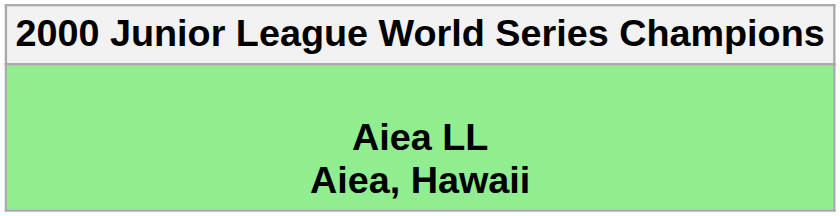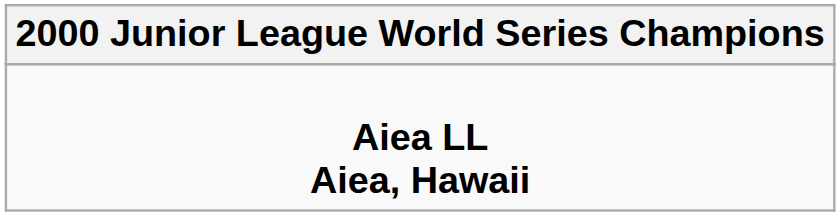 <table class="wikitable" style="text-align: center; margin: 0 auto;">
 <tr>
 <th>2000 Junior League World Series Champions</th>
 </tr>
 <tr>
 </tr>
 <tr>
-<td style="background: lightgreen;"><br><strong>Aiea  LL</strong><br><strong>Aiea, Hawaii</strong></td>
+<td><br><strong>Aiea  LL</strong><br><strong>Aiea, Hawaii</strong></td>
 </tr>
 </table>
